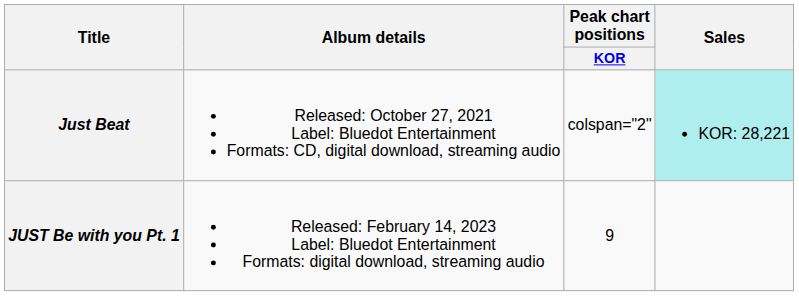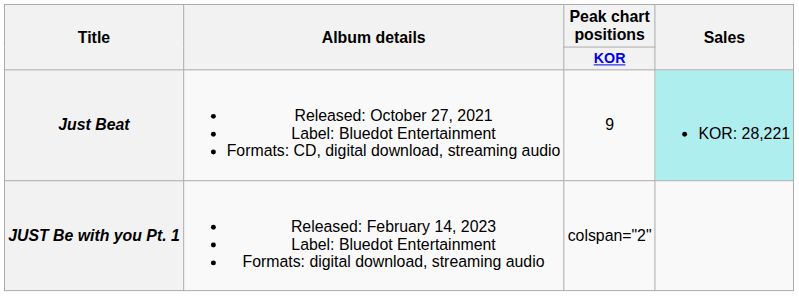 <table class="wikitable plainrowheaders" style="text-align:center;">
 <tr>
 <th scope="col" rowspan="2">Title</th>
 <th scope="col" rowspan="2">Album details</th>
 <th scope="col" colspan="1" style="width:5em;">Peak chart positions</th>
 <th scope="col" rowspan="2">Sales</th>
 </tr>
 <tr>
 <th scope="col" style="width:3em;font-size:90%;"><a href='#'>KOR</a><br></th>
 </tr>
 <tr>
 <th scope="row"><em>Just Beat</em></th>
 <td><br><ul><li>Released: October 27, 2021</li><li>Label: Bluedot Entertainment</li><li>Formats: CD, digital download, streaming audio</li></ul></td>
-<td>colspan="2" </td>
+<td>9</td>
 <td style="background: paleturquoise;"><br><ul><li>KOR: 28,221</li></ul></td>
 </tr>
 <tr>
 <th scope="row"><em>JUST Be with you Pt. 1</em></th>
 <td><br><ul><li>Released: February 14, 2023</li><li>Label: Bluedot Entertainment</li><li>Formats: digital download, streaming audio</li></ul></td>
-<td>9</td>
+<td>colspan="2" </td>
 </tr>
 </table>
